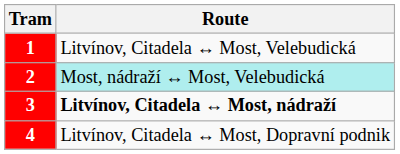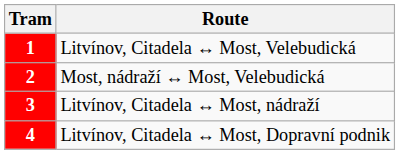 <table class="wikitable">
 <tr>
 <th>Tram</th>
 <th>Route</th>
 </tr>
 <tr>
 <td align="center" style="color: white; background-color: #ff0000"><strong>1</strong></td>
 <td>Litvínov, Citadela ↔ Most, Velebudická</td>
 </tr>
 <tr>
 <td align="center" style="color: white; background-color: #ff0000"><strong>2</strong></td>
-<td style="background: paleturquoise;">Most, nádraží ↔ Most, Velebudická</td>
+<td>Most, nádraží ↔ Most, Velebudická</td>
 </tr>
 <tr>
 <td align="center" style="color: white; background-color: #ff0000"><strong>3</strong></td>
-<td><strong>Litvínov, Citadela ↔ Most, nádraží</strong></td>
+<td>Litvínov, Citadela ↔ Most, nádraží</td>
 </tr>
 <tr>
 <td align="center" style="color: white; background-color: #ff0000"><strong>4</strong></td>
 <td>Litvínov, Citadela ↔ Most, Dopravní podnik</td>
 </tr>
 </table>
